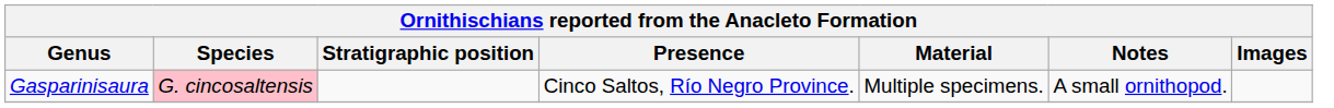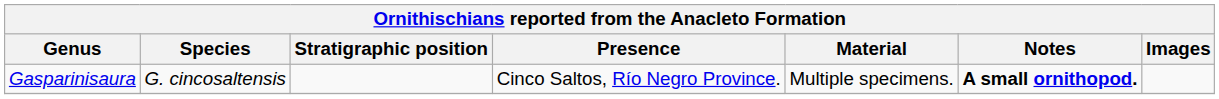 <table class="wikitable" align="center">
 <tr>
 <th colspan="7" align="center"><strong><a href='#'>Ornithischians</a> reported from the Anacleto Formation</strong></th>
 </tr>
 <tr>
 <th>Genus</th>
 <th>Species</th>
 <th>Stratigraphic position</th>
 <th>Presence</th>
 <th><strong>Material</strong></th>
 <th>Notes</th>
 <th>Images</th>
 </tr>
 <tr>
 <td><em><a href='#'>Gasparinisaura</a></em></td>
-<td style="background: pink;"><em>G. cincosaltensis</em></td>
+<td><em>G. cincosaltensis</em></td>
 <td></td>
 <td>Cinco Saltos, <a href='#'>Río Negro Province</a>.</td>
 <td>Multiple specimens.</td>
-<td>A small <a href='#'>ornithopod</a>.</td>
+<td><strong>A small <a href='#'>ornithopod</a>.</strong></td>
 <td></td>
 </tr>
 <tr>
 </tr>
 </table>
